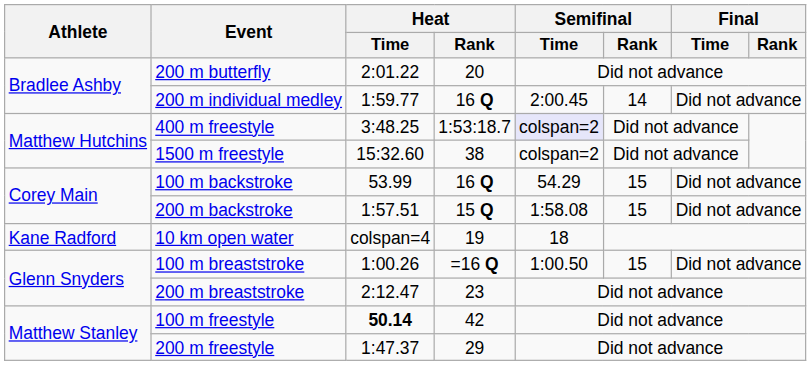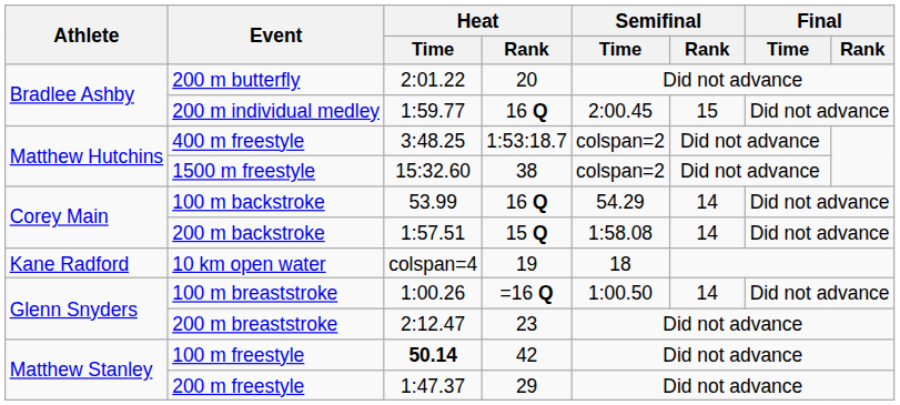 <table class=wikitable style="font-size:90%">
 <tr>
 <th rowspan="2">Athlete</th>
 <th rowspan="2">Event</th>
 <th colspan="2">Heat</th>
 <th colspan="2">Semifinal</th>
 <th colspan="2">Final</th>
 </tr>
 <tr style="font-size:95%">
 <th>Time</th>
 <th>Rank</th>
 <th>Time</th>
 <th>Rank</th>
 <th>Time</th>
 <th>Rank</th>
 </tr>
 <tr align=center>
 <td align=left rowspan=2><a href='#'>Bradlee Ashby</a></td>
 <td align=left><a href='#'>200 m butterfly</a></td>
 <td>2:01.22</td>
 <td>20</td>
 <td colspan=4>Did not advance</td>
 </tr>
 <tr align=center>
 <td align=left><a href='#'>200 m individual medley</a></td>
 <td>1:59.77</td>
 <td>16 <strong>Q</strong></td>
 <td>2:00.45</td>
-<td>14</td>
+<td>15</td>
 <td colspan=2>Did not advance</td>
 </tr>
 <tr align=center>
 <td align=left rowspan=2><a href='#'>Matthew Hutchins</a></td>
 <td align=left><a href='#'>400 m freestyle</a></td>
 <td>3:48.25</td>
 <td>1:53:18.7</td>
-<td style="background: lavender;">colspan=2 </td>
+<td>colspan=2 </td>
 <td colspan=2>Did not advance</td>
 </tr>
 <tr align=center>
 <td align=left><a href='#'>1500 m freestyle</a></td>
 <td>15:32.60</td>
 <td>38</td>
 <td>colspan=2 </td>
 <td colspan=2>Did not advance</td>
 </tr>
 <tr align=center>
 <td align=left rowspan=2><a href='#'>Corey Main</a></td>
 <td align=left><a href='#'>100 m backstroke</a></td>
 <td>53.99</td>
 <td>16 <strong>Q</strong></td>
 <td>54.29</td>
-<td>15</td>
+<td>14</td>
 <td colspan=2>Did not advance</td>
 </tr>
 <tr align=center>
 <td align=left><a href='#'>200 m backstroke</a></td>
 <td>1:57.51</td>
 <td>15 <strong>Q</strong></td>
 <td>1:58.08</td>
-<td>15</td>
+<td>14</td>
 <td colspan=2>Did not advance</td>
 </tr>
 <tr align=center>
 <td align=left><a href='#'>Kane Radford</a></td>
 <td align=left><a href='#'>10 km open water</a></td>
 <td>colspan=4 </td>
 <td>19</td>
 <td>18</td>
 </tr>
 <tr align=center>
 <td align=left rowspan=2><a href='#'>Glenn Snyders</a></td>
 <td align=left><a href='#'>100 m breaststroke</a></td>
 <td>1:00.26</td>
 <td>=16 <strong>Q</strong></td>
 <td>1:00.50</td>
-<td>15</td>
+<td>14</td>
 <td colspan=2>Did not advance</td>
 </tr>
 <tr align=center>
 <td align=left><a href='#'>200 m breaststroke</a></td>
 <td>2:12.47</td>
 <td>23</td>
 <td colspan=4>Did not advance</td>
 </tr>
 <tr align=center>
 <td align=left rowspan=2><a href='#'>Matthew Stanley</a></td>
 <td align=left><a href='#'>100 m freestyle</a></td>
 <td><strong>50.14</strong></td>
 <td>42</td>
 <td colspan=4>Did not advance</td>
 </tr>
 <tr align=center>
 <td align=left><a href='#'>200 m freestyle</a></td>
 <td>1:47.37</td>
 <td>29</td>
 <td colspan=4>Did not advance</td>
 </tr>
 </table>
